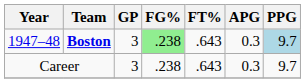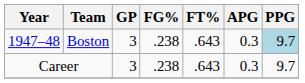 <table class="wikitable sortable" style="font-size:95%; text-align:right;">
 <tr>
 <th>Year</th>
 <th>Team</th>
 <th>GP</th>
 <th>FG%</th>
 <th>FT%</th>
 <th>APG</th>
 <th>PPG</th>
 </tr>
 <tr>
 <td style="text-align:left;"><a href='#'>1947–48</a></td>
-<td style="text-align:left;"><strong><a href='#'>Boston</a></strong></td>
+<td style="text-align:left;"><a href='#'>Boston</a></td>
 <td>3</td>
-<td style="background: lightgreen;">.238</td>
+<td>.238</td>
 <td>.643</td>
 <td>0.3</td>
 <td style="background: lightblue;">9.7</td>
 </tr>
 <tr>
 <td style="text-align:center;" colspan=2>Career</td>
 <td>3</td>
 <td>.238</td>
 <td>.643</td>
 <td>0.3</td>
 <td>9.7</td>
 </tr>
 <tr>
 </tr>
 </table>
